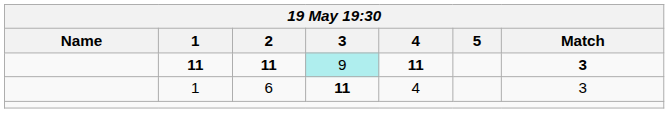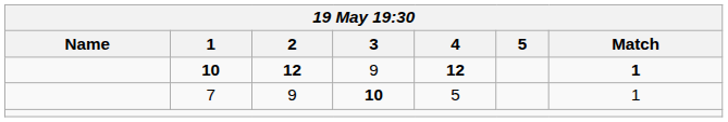 <table class=wikitable style="text-align:center; width: 55%">
 <tr>
 <th colspan=17><em>19 May 19:30</em></th>
 </tr>
 <tr>
 <th>Name</th>
 <th>1</th>
 <th>2</th>
 <th>3</th>
 <th>4</th>
 <th>5</th>
 <th>Match</th>
 </tr>
 <tr>
 <td style="text-align:left;"><strong></strong></td>
-<td><strong>11</strong></td>
-<td><strong>11</strong></td>
-<td style="background: paleturquoise;">9</td>
-<td><strong>11</strong></td>
+<td><strong>10</strong></td>
+<td><strong>12</strong></td>
+<td>9</td>
+<td><strong>12</strong></td>
 <td></td>
-<td><strong>3</strong></td>
+<td><strong>1</strong></td>
 </tr>
 <tr>
 <td style="text-align:left;"></td>
+<td>7</td>
+<td>9</td>
+<td><strong>10</strong></td>
+<td>5</td>
+<td></td>
 <td>1</td>
-<td>6</td>
-<td><strong>11</strong></td>
-<td>4</td>
-<td></td>
-<td>3</td>
 </tr>
 <tr>
 <td colspan=17></td>
 </tr>
 </table>
